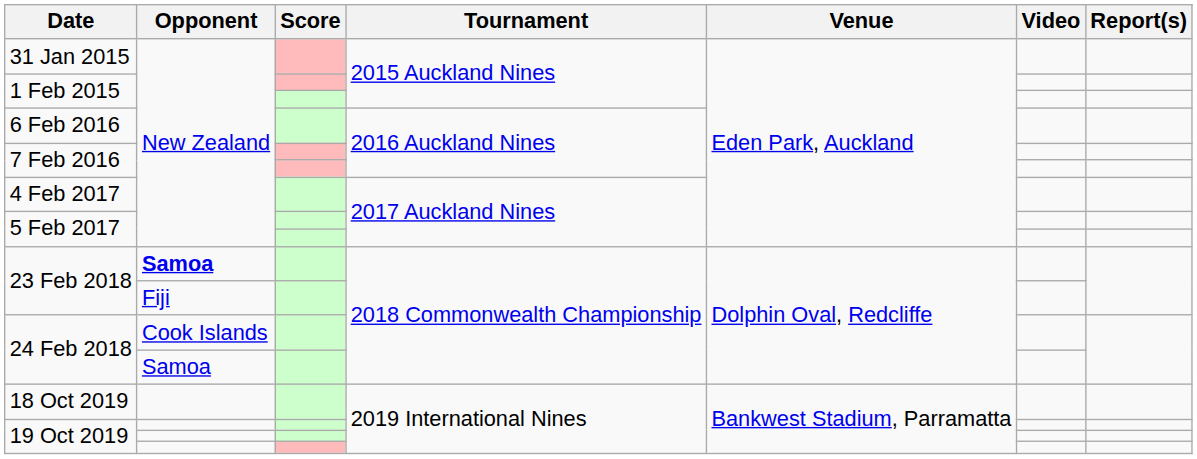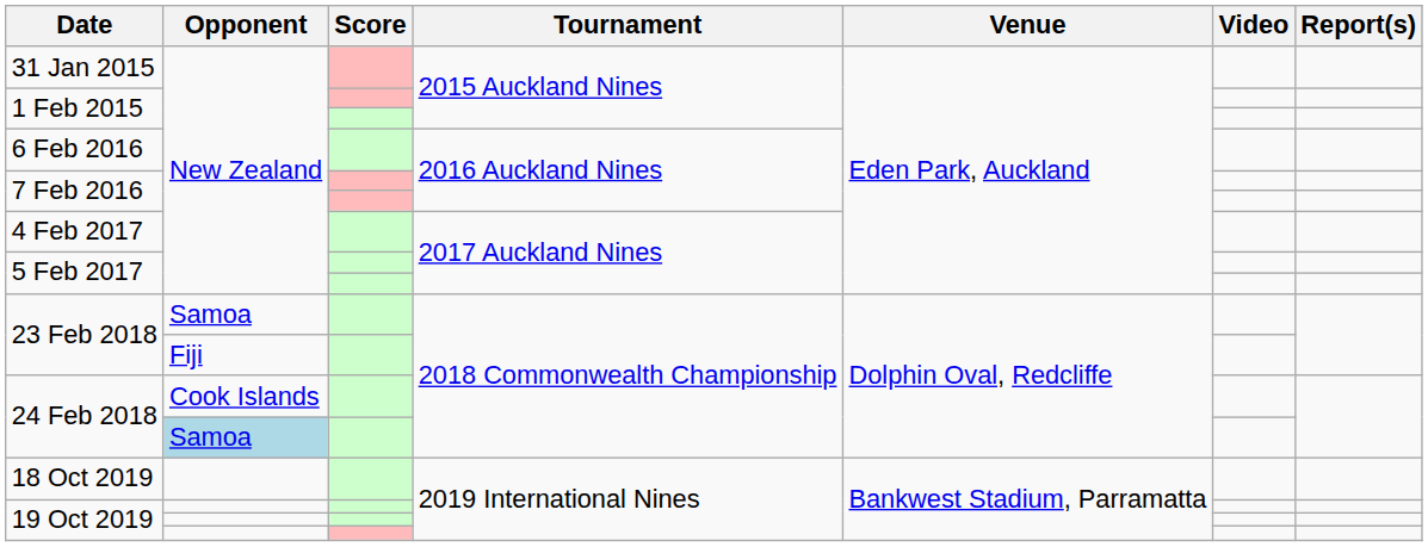 <table class="wikitable">
 <tr>
 <th>Date</th>
 <th>Opponent</th>
 <th>Score</th>
 <th>Tournament</th>
 <th>Venue</th>
 <th>Video</th>
 <th>Report(s)</th>
 </tr>
 <tr>
 <td>31 Jan 2015</td>
 <td rowspan=9> <a href='#'>New Zealand</a></td>
 <td bgcolor="#FFBBBB"></td>
 <td rowspan=3><a href='#'>2015 Auckland Nines</a></td>
 <td rowspan=9> <a href='#'>Eden Park</a>, <a href='#'>Auckland</a></td>
 <td align=center></td>
 <td></td>
 </tr>
 <tr>
 <td rowspan=2>1 Feb 2015</td>
 <td bgcolor="#FFBBBB"></td>
 <td align=center></td>
 <td></td>
 </tr>
 <tr>
 <td bgcolor="#CCFFCC"></td>
 <td align=center></td>
 <td></td>
 </tr>
 <tr>
 <td>6 Feb 2016</td>
 <td bgcolor="#CCFFCC"></td>
 <td rowspan=3><a href='#'>2016 Auckland Nines</a></td>
 <td align=center></td>
 <td></td>
 </tr>
 <tr>
 <td rowspan=2>7 Feb 2016</td>
 <td bgcolor="#FFBBBB"></td>
 <td align=center></td>
 <td></td>
 </tr>
 <tr>
 <td bgcolor="#FFBBBB"></td>
 <td align=center></td>
 <td></td>
 </tr>
 <tr>
 <td>4 Feb 2017</td>
 <td bgcolor="#CCFFCC"></td>
 <td rowspan=3><a href='#'>2017 Auckland Nines</a></td>
 <td align=center></td>
 <td></td>
 </tr>
 <tr>
 <td rowspan=2>5 Feb 2017</td>
 <td bgcolor="#CCFFCC"></td>
 <td align=center></td>
 <td></td>
 </tr>
 <tr>
 <td bgcolor="#CCFFCC"></td>
 <td align=center></td>
 <td></td>
 </tr>
 <tr>
 <td rowspan=2>23 Feb 2018</td>
-<td><strong> <a href='#'>Samoa</a></strong></td>
+<td> <a href='#'>Samoa</a></td>
 <td bgcolor="#CCFFCC"></td>
 <td rowspan=4><a href='#'>2018 Commonwealth Championship</a></td>
 <td rowspan=4> <a href='#'>Dolphin Oval</a>, <a href='#'>Redcliffe</a></td>
 <td align=center></td>
 <td rowspan=2></td>
 </tr>
 <tr>
 <td> <a href='#'>Fiji</a></td>
 <td bgcolor="#CCFFCC"></td>
 <td align=center></td>
 </tr>
 <tr>
 <td rowspan=2>24 Feb 2018</td>
 <td> <a href='#'>Cook Islands</a></td>
 <td bgcolor="#CCFFCC"></td>
 <td align=center></td>
 <td rowspan=2></td>
 </tr>
 <tr>
-<td> <a href='#'>Samoa</a></td>
+<td style="background: lightblue;"> <a href='#'>Samoa</a></td>
 <td bgcolor="#CCFFCC"></td>
 <td align=center></td>
 </tr>
 <tr>
 <td>18 Oct 2019</td>
 <td></td>
 <td bgcolor="#CCFFCC"></td>
 <td rowspan=4>2019 International Nines</td>
 <td rowspan=4> <a href='#'>Bankwest Stadium</a>, Parramatta</td>
 <td align=center></td>
 <td></td>
 </tr>
 <tr>
 <td rowspan = 3>19 Oct 2019</td>
 <td></td>
 <td bgcolor="#CCFFCC"></td>
 <td align=center></td>
 <td></td>
 </tr>
 <tr>
 <td></td>
 <td bgcolor="#CCFFCC"></td>
 <td align=center></td>
 <td></td>
 </tr>
 <tr>
 <td></td>
 <td bgcolor="#FFBBBB"></td>
 <td align=center></td>
 <td></td>
 </tr>
 </table>
